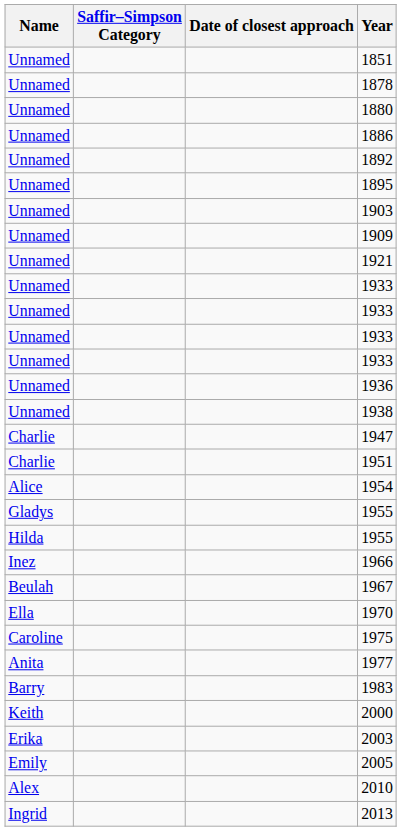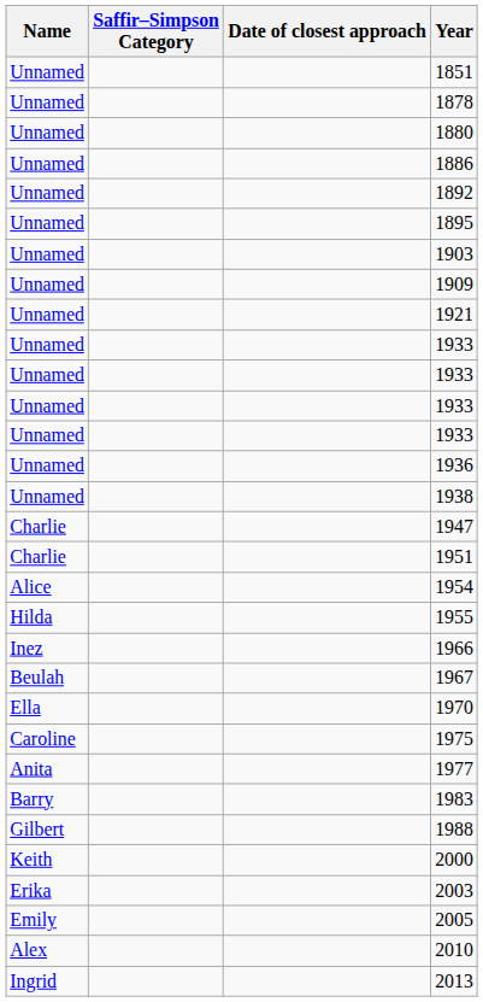 <table class = "wikitable" style="margin:1em auto;">
 <tr>
 <th>Name</th>
 <th><a href='#'>Saffir–Simpson</a><br>Category</th>
 <th>Date of closest approach</th>
 <th>Year</th>
 </tr>
 <tr>
 <td><a href='#'>Unnamed</a></td>
 <td></td>
 <td></td>
 <td>1851</td>
 </tr>
 <tr>
 <td><a href='#'>Unnamed</a></td>
 <td></td>
 <td></td>
 <td>1878</td>
 </tr>
 <tr>
 <td><a href='#'>Unnamed</a></td>
 <td></td>
 <td></td>
 <td>1880</td>
 </tr>
 <tr>
 <td><a href='#'>Unnamed</a></td>
 <td></td>
 <td></td>
 <td>1886</td>
 </tr>
 <tr>
 <td><a href='#'>Unnamed</a></td>
 <td></td>
 <td></td>
 <td>1892</td>
 </tr>
 <tr>
 <td><a href='#'>Unnamed</a></td>
 <td></td>
 <td></td>
 <td>1895</td>
 </tr>
 <tr>
 <td><a href='#'>Unnamed</a></td>
 <td></td>
 <td></td>
 <td>1903</td>
 </tr>
 <tr>
 <td><a href='#'>Unnamed</a></td>
 <td></td>
 <td></td>
 <td>1909</td>
 </tr>
 <tr>
 <td><a href='#'>Unnamed</a></td>
 <td></td>
 <td></td>
 <td>1921</td>
 </tr>
 <tr>
 <td><a href='#'>Unnamed</a></td>
 <td></td>
 <td></td>
 <td>1933</td>
 </tr>
 <tr>
 <td><a href='#'>Unnamed</a></td>
 <td></td>
 <td></td>
 <td>1933</td>
 </tr>
 <tr>
 <td><a href='#'>Unnamed</a></td>
 <td></td>
 <td></td>
 <td>1933</td>
 </tr>
 <tr>
 <td><a href='#'>Unnamed</a></td>
 <td></td>
 <td></td>
 <td>1933</td>
 </tr>
 <tr>
 <td><a href='#'>Unnamed</a></td>
 <td></td>
 <td></td>
 <td>1936</td>
 </tr>
 <tr>
 <td><a href='#'>Unnamed</a></td>
 <td></td>
 <td></td>
 <td>1938</td>
 </tr>
 <tr>
 <td><a href='#'>Charlie</a></td>
 <td></td>
 <td></td>
 <td>1947</td>
 </tr>
 <tr>
 <td><a href='#'>Charlie</a></td>
 <td></td>
 <td></td>
 <td>1951</td>
 </tr>
 <tr>
 <td><a href='#'>Alice</a></td>
 <td></td>
 <td></td>
 <td>1954</td>
 </tr>
 <tr>
-<td><a href='#'>Gladys</a></td>
-<td></td>
-<td></td>
-<td>1955</td>
-</tr>
-<tr>
 <td><a href='#'>Hilda</a></td>
 <td></td>
 <td></td>
 <td>1955</td>
 </tr>
 <tr>
 <td><a href='#'>Inez</a></td>
 <td></td>
 <td></td>
 <td>1966</td>
 </tr>
 <tr>
 <td><a href='#'>Beulah</a></td>
 <td></td>
 <td></td>
 <td>1967</td>
 </tr>
 <tr>
 <td><a href='#'>Ella</a></td>
 <td></td>
 <td></td>
 <td>1970</td>
 </tr>
 <tr>
 <td><a href='#'>Caroline</a></td>
 <td></td>
 <td></td>
 <td>1975</td>
 </tr>
 <tr>
 <td><a href='#'>Anita</a></td>
 <td></td>
 <td></td>
 <td>1977</td>
 </tr>
 <tr>
 <td><a href='#'>Barry</a></td>
 <td></td>
 <td></td>
 <td>1983</td>
 </tr>
 <tr>
+<td><a href='#'>Gilbert</a></td>
+<td></td>
+<td></td>
+<td>1988</td>
+</tr>
+<tr>
 <td><a href='#'>Keith</a></td>
 <td></td>
 <td></td>
 <td>2000</td>
 </tr>
 <tr>
 <td><a href='#'>Erika</a></td>
 <td></td>
 <td></td>
 <td>2003</td>
 </tr>
 <tr>
 <td><a href='#'>Emily</a></td>
 <td></td>
 <td></td>
 <td>2005</td>
 </tr>
 <tr>
 <td><a href='#'>Alex</a></td>
 <td></td>
 <td></td>
 <td>2010</td>
 </tr>
 <tr>
 <td><a href='#'>Ingrid</a></td>
 <td></td>
 <td></td>
 <td>2013</td>
 </tr>
 </table>
